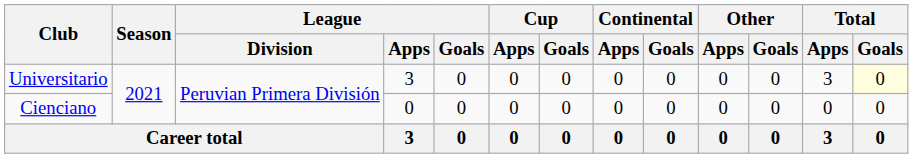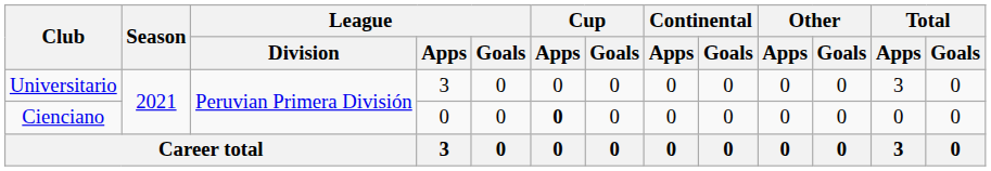 <table class="wikitable" style="text-align: center">
 <tr>
 <th rowspan="2">Club</th>
 <th rowspan="2">Season</th>
 <th colspan="3">League</th>
 <th colspan="2">Cup</th>
 <th colspan="2">Continental</th>
 <th colspan="2">Other</th>
 <th colspan="2">Total</th>
 </tr>
 <tr>
 <th>Division</th>
 <th>Apps</th>
 <th>Goals</th>
 <th>Apps</th>
 <th>Goals</th>
 <th>Apps</th>
 <th>Goals</th>
 <th>Apps</th>
 <th>Goals</th>
 <th>Apps</th>
 <th>Goals</th>
 </tr>
 <tr>
 <td><a href='#'>Universitario</a></td>
 <td rowspan="2"><a href='#'>2021</a></td>
 <td rowspan="2"><a href='#'>Peruvian Primera División</a></td>
 <td>3</td>
 <td>0</td>
 <td>0</td>
 <td>0</td>
 <td>0</td>
 <td>0</td>
 <td>0</td>
 <td>0</td>
 <td>3</td>
-<td style="background: lightyellow;">0</td>
+<td>0</td>
 </tr>
 <tr>
 <td><a href='#'>Cienciano</a></td>
 <td>0</td>
 <td>0</td>
-<td>0</td>
+<td><strong>0</strong></td>
 <td>0</td>
 <td>0</td>
 <td>0</td>
 <td>0</td>
 <td>0</td>
 <td>0</td>
 <td>0</td>
 </tr>
 <tr>
 <th colspan="3"><strong>Career total</strong></th>
 <th>3</th>
 <th>0</th>
 <th>0</th>
 <th>0</th>
 <th>0</th>
 <th>0</th>
 <th>0</th>
 <th>0</th>
 <th>3</th>
 <th>0</th>
 </tr>
 </table>
